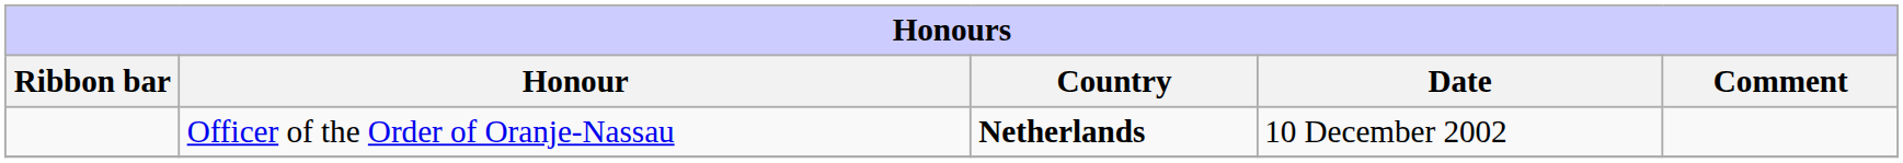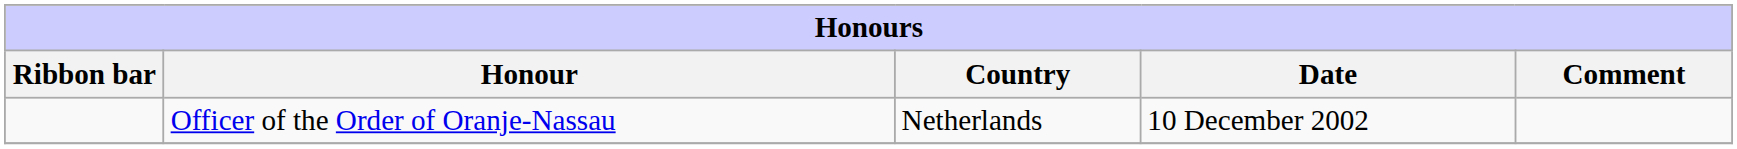 <table class="wikitable" style="width:60%;">
 <tr style="background:#ccf; text-align:center;">
 <td colspan=5><strong>Honours</strong></td>
 </tr>
 <tr>
 <th style="width:80px;">Ribbon bar</th>
 <th>Honour</th>
 <th>Country</th>
 <th>Date</th>
 <th>Comment</th>
 </tr>
 <tr>
 <td></td>
 <td><a href='#'>Officer</a> of the <a href='#'>Order of Oranje-Nassau</a></td>
-<td><strong>Netherlands</strong></td>
+<td>Netherlands</td>
 <td>10 December 2002</td>
 <td></td>
 </tr>
 <tr>
 </tr>
 </table>
